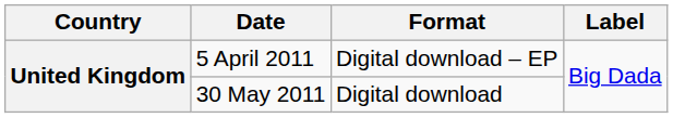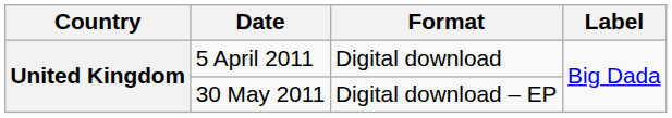 <table class="wikitable plainrowheaders">
 <tr>
 <th scope="col">Country</th>
 <th scope="col">Date</th>
 <th scope="col">Format</th>
 <th scope="col">Label</th>
 </tr>
 <tr>
 <th scope="row" rowspan="2">United Kingdom</th>
 <td>5 April 2011</td>
-<td>Digital download – EP</td>
+<td>Digital download</td>
 <td rowspan="2"><a href='#'>Big Dada</a></td>
 </tr>
 <tr>
 <td>30 May 2011</td>
-<td>Digital download</td>
+<td>Digital download – EP</td>
 </tr>
 </table>
